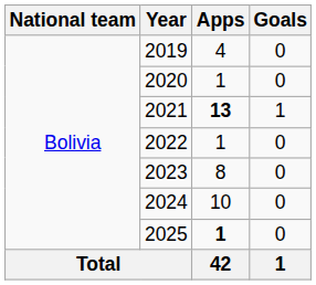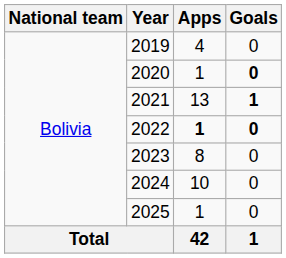 <table class=wikitable style=text-align:center>
 <tr>
 <th>National team</th>
 <th>Year</th>
 <th>Apps</th>
 <th>Goals</th>
 </tr>
 <tr>
 <td rowspan="7"><a href='#'>Bolivia</a></td>
 <td>2019</td>
 <td>4</td>
 <td>0</td>
 </tr>
 <tr>
 <td>2020</td>
 <td>1</td>
-<td>0</td>
+<td><strong>0</strong></td>
 </tr>
 <tr>
 <td>2021</td>
-<td><strong>13</strong></td>
-<td>1</td>
+<td>13</td>
+<td><strong>1</strong></td>
 </tr>
 <tr>
 <td>2022</td>
-<td>1</td>
-<td>0</td>
+<td><strong>1</strong></td>
+<td><strong>0</strong></td>
 </tr>
 <tr>
 <td>2023</td>
 <td>8</td>
 <td>0</td>
 </tr>
 <tr>
 <td>2024</td>
 <td>10</td>
 <td>0</td>
 </tr>
 <tr>
 <td>2025</td>
-<td><strong>1</strong></td>
+<td>1</td>
 <td>0</td>
 </tr>
 <tr>
 <th colspan="2">Total</th>
 <th>42</th>
 <th>1</th>
 </tr>
 </table>
